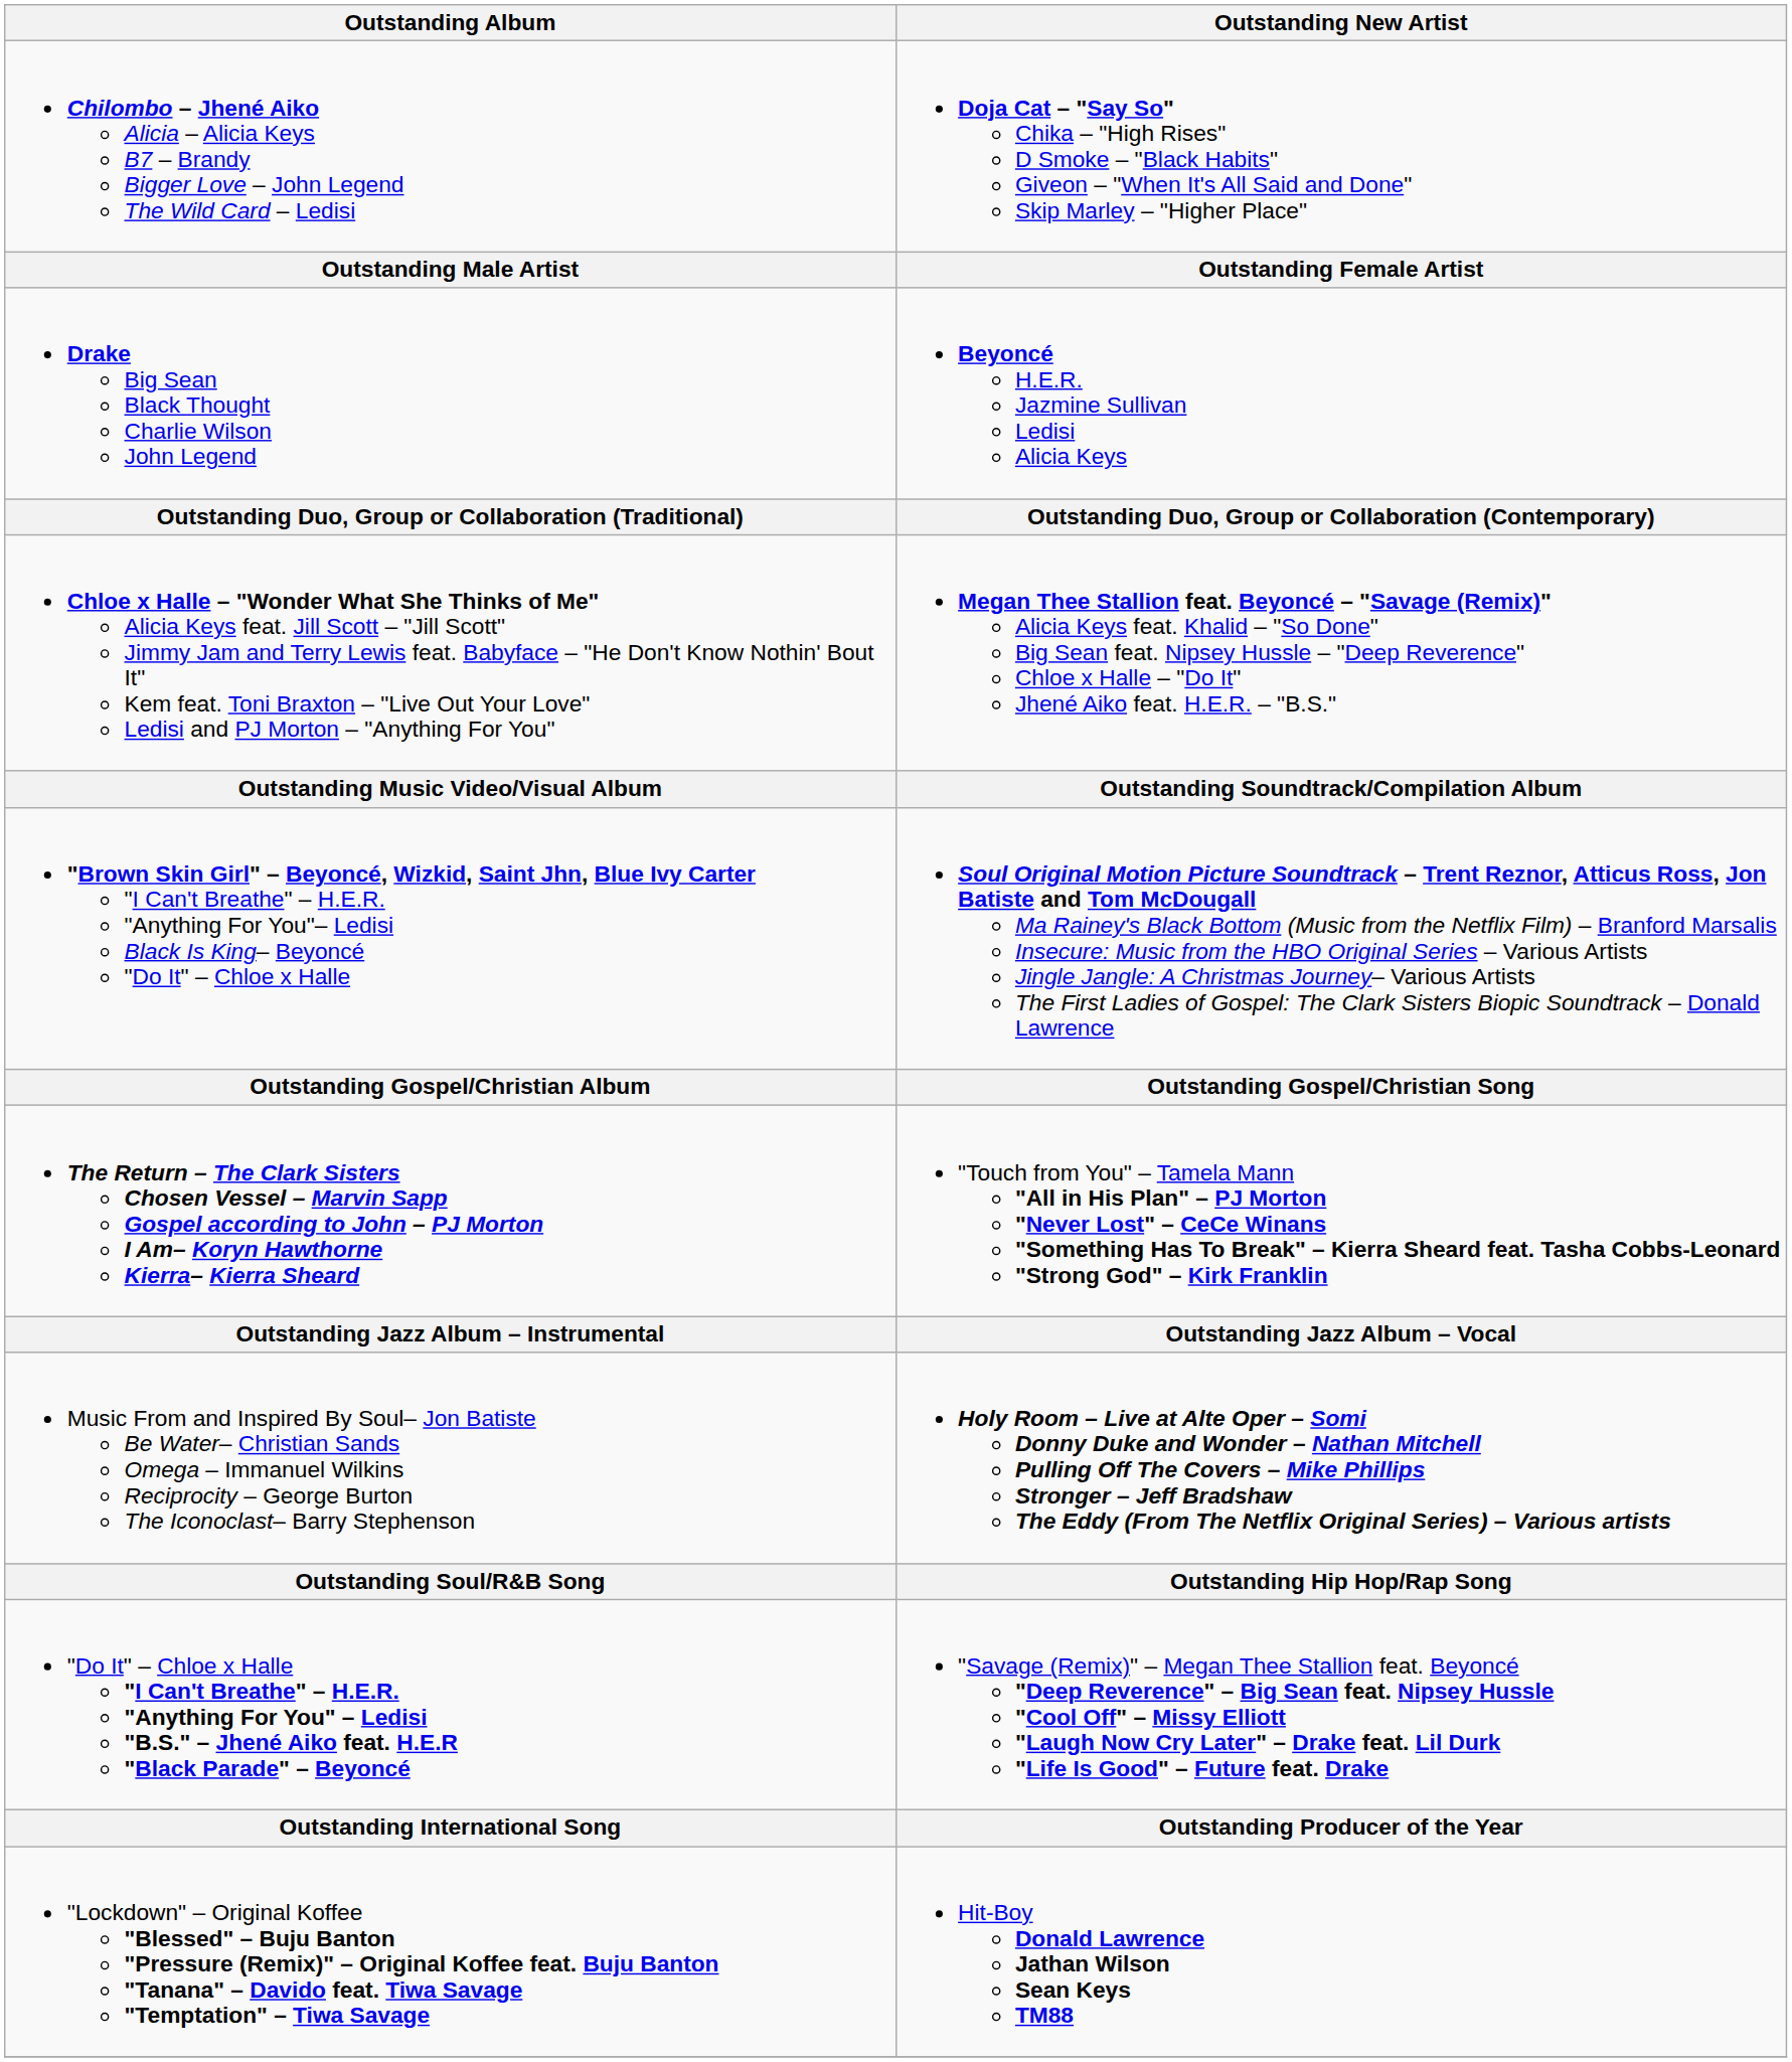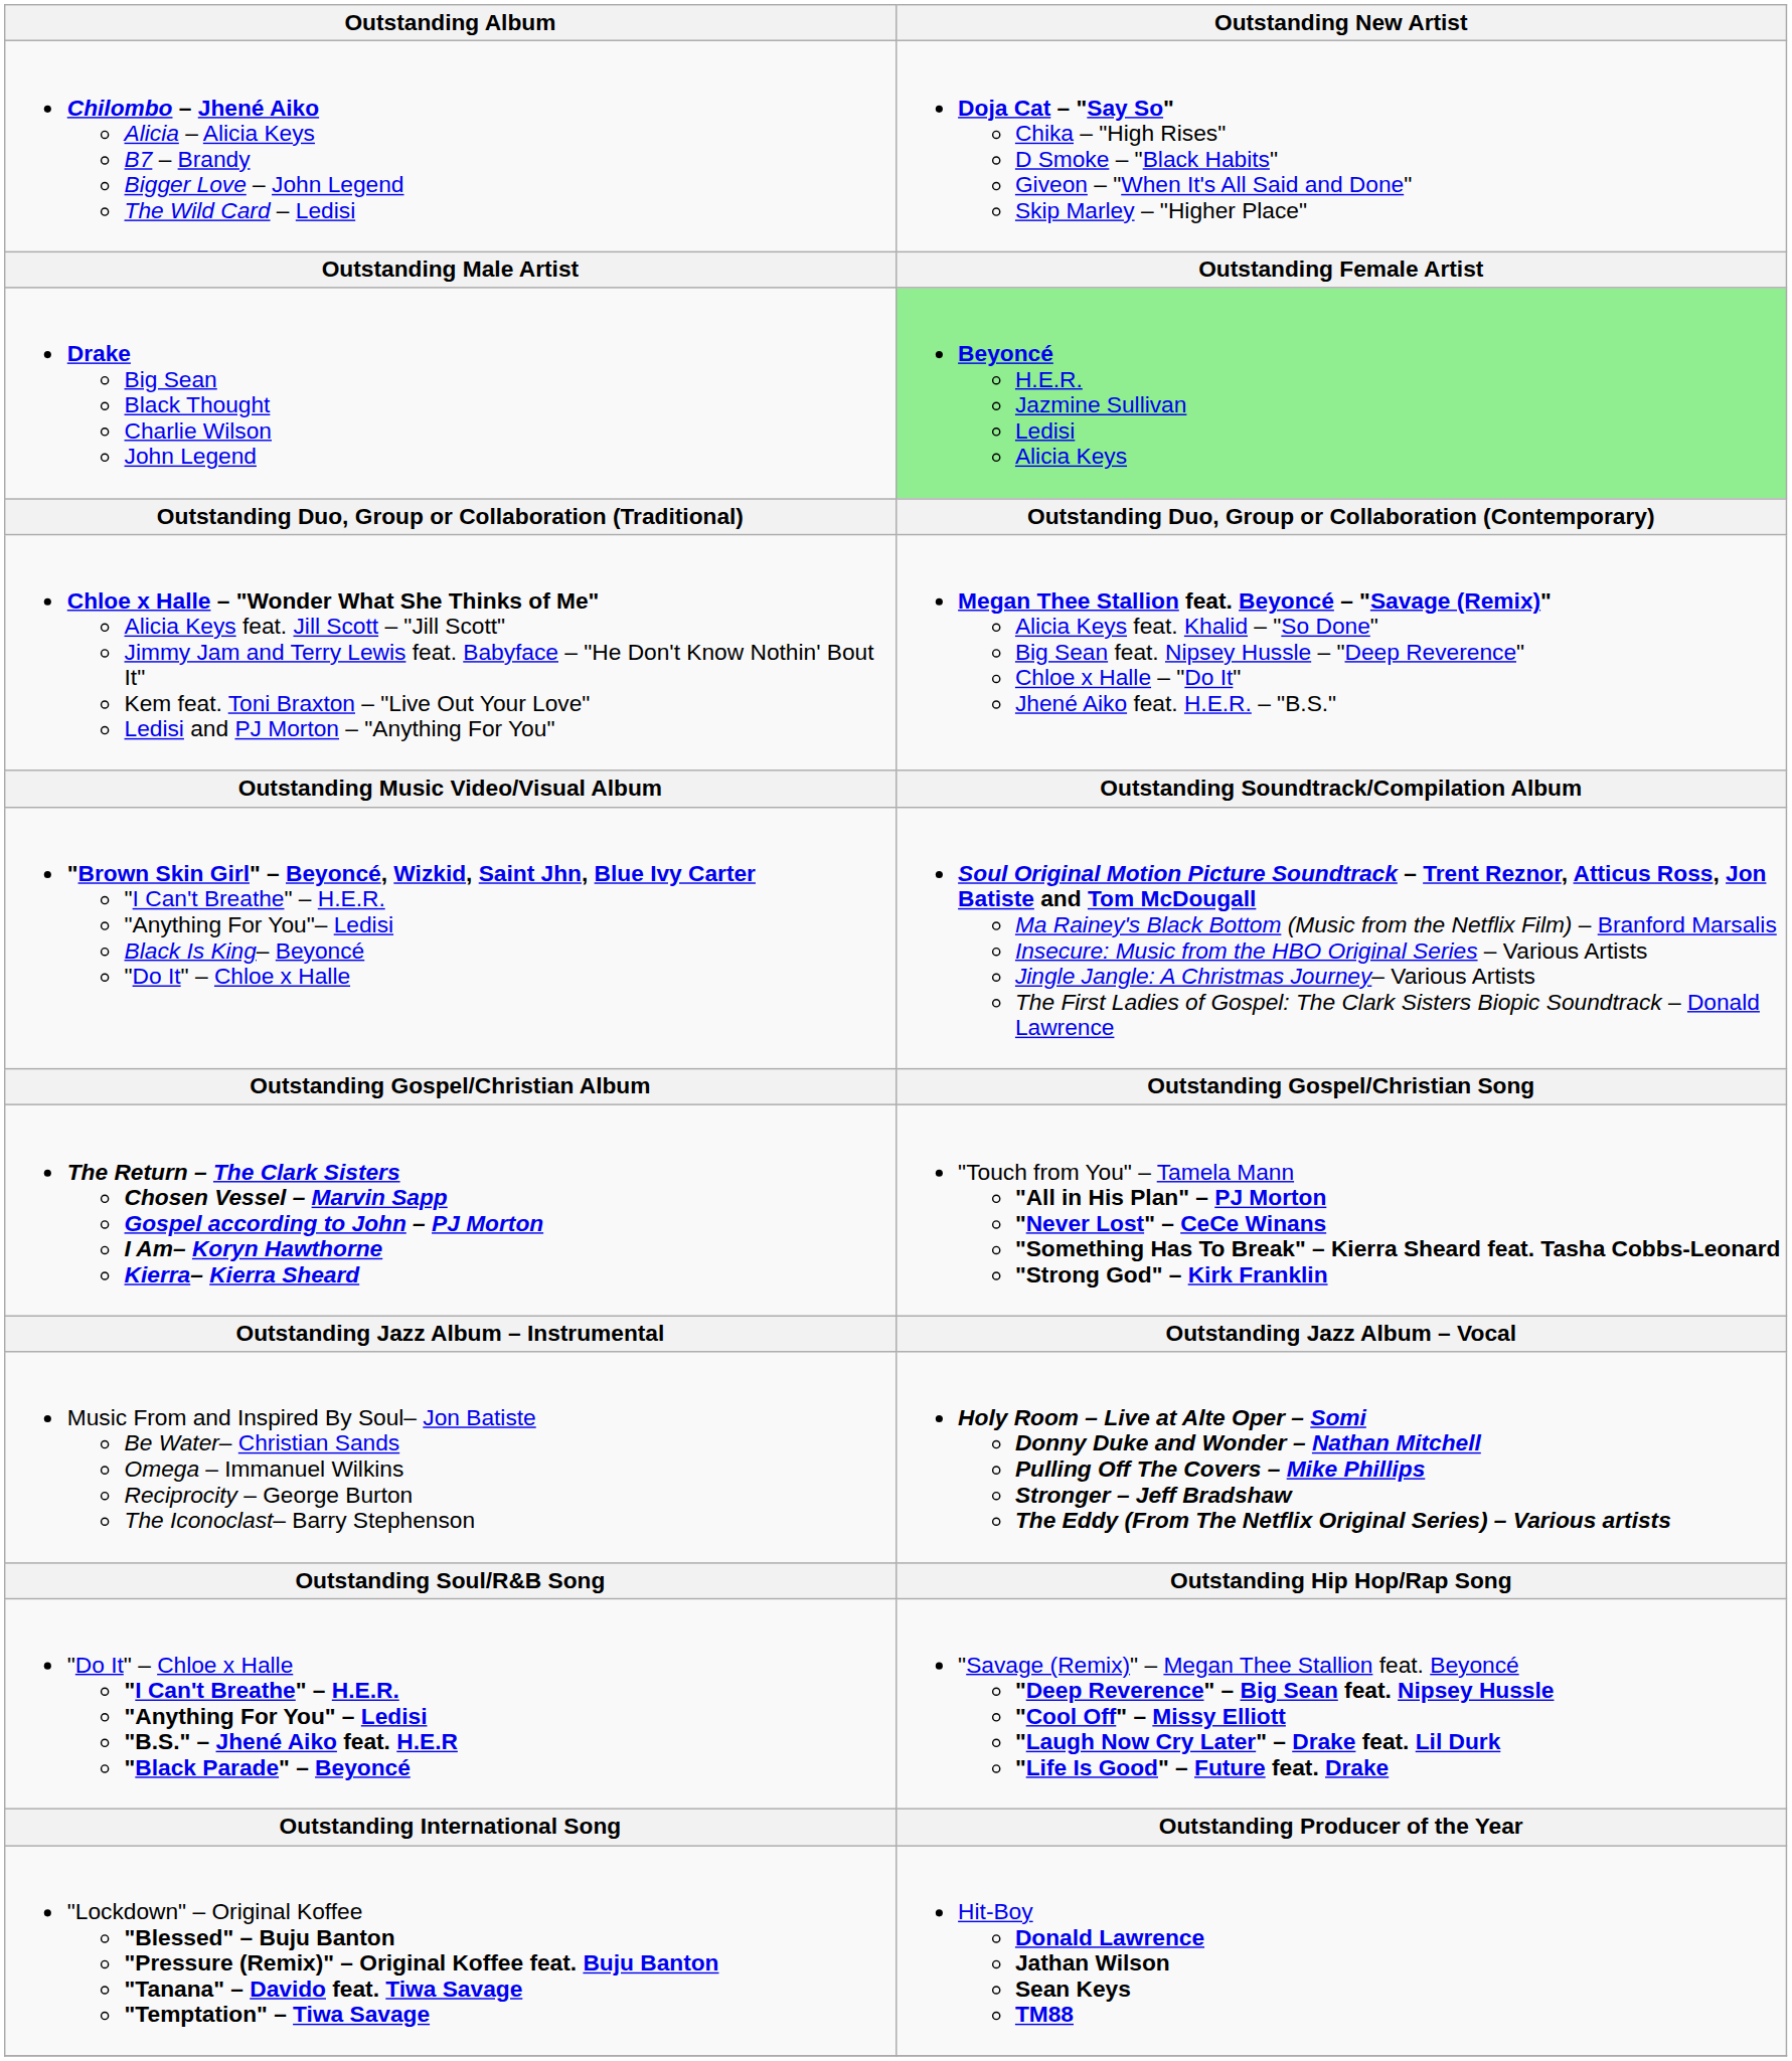 <table class="wikitable">
 <tr>
 <th style="width=50%">Outstanding Album</th>
 <th style="width=50%">Outstanding New Artist</th>
 </tr>
 <tr>
 <td width="50%" style="vertical-align:top"><br><ul><li><strong><a href='#'><em>Chilombo</em></a> – <a href='#'>Jhené Aiko</a></strong><ul><li><a href='#'><em>Alicia</em></a> – <a href='#'>Alicia Keys</a></li><li><a href='#'><em>B7</em></a> – <a href='#'>Brandy</a></li><li><em><a href='#'>Bigger Love</a></em> – <a href='#'>John Legend</a></li><li><em><a href='#'>The Wild Card</a></em> – <a href='#'>Ledisi</a></li></ul></li></ul></td>
 <td width="50%" style="vertical-align:top"><br><ul><li><strong><a href='#'>Doja Cat</a> – "<a href='#'>Say So</a>"</strong><ul><li><a href='#'>Chika</a> – "High Rises"</li><li><a href='#'>D Smoke</a> – "<a href='#'>Black Habits</a>"</li><li><a href='#'>Giveon</a> – "<a href='#'>When It's All Said and Done</a>"</li><li><a href='#'>Skip Marley</a> – "Higher Place"</li></ul></li></ul></td>
 </tr>
 <tr>
 <th style="width=50%">Outstanding Male Artist</th>
 <th style="width=50%">Outstanding Female Artist</th>
 </tr>
 <tr>
 <td width="50%" style="vertical-align:top"><br><ul><li><strong><a href='#'>Drake</a></strong><ul><li><a href='#'>Big Sean</a></li><li><a href='#'>Black Thought</a></li><li><a href='#'>Charlie Wilson</a></li><li><a href='#'>John Legend</a></li></ul></li></ul></td>
-<td width="50%" style="vertical-align:top"><br><ul><li><strong><a href='#'>Beyoncé</a></strong><ul><li><a href='#'>H.E.R.</a></li><li><a href='#'>Jazmine Sullivan</a></li><li><a href='#'>Ledisi</a></li><li><a href='#'>Alicia Keys</a></li></ul></li></ul></td>
+<td width="50%" style="background: lightgreen; vertical-align:top"><br><ul><li><strong><a href='#'>Beyoncé</a></strong><ul><li><a href='#'>H.E.R.</a></li><li><a href='#'>Jazmine Sullivan</a></li><li><a href='#'>Ledisi</a></li><li><a href='#'>Alicia Keys</a></li></ul></li></ul></td>
 </tr>
 <tr>
 <th style="width=50%">Outstanding Duo, Group or Collaboration (Traditional)</th>
 <th style="width=50%">Outstanding Duo, Group or Collaboration (Contemporary)</th>
 </tr>
 <tr>
 <td width="50%" style="vertical-align:top"><br><ul><li><strong><a href='#'>Chloe x Halle</a> – "Wonder What She Thinks of Me"</strong><ul><li><a href='#'>Alicia Keys</a> feat. <a href='#'>Jill Scott</a> – "Jill Scott"</li><li><a href='#'>Jimmy Jam and Terry Lewis</a> feat. <a href='#'>Babyface</a> – "He Don't Know Nothin' Bout It"</li><li>Kem feat. <a href='#'>Toni Braxton</a> – "Live Out Your Love"</li><li><a href='#'>Ledisi</a> and <a href='#'>PJ Morton</a> – "Anything For You"</li></ul></li></ul></td>
 <td width="50%" style="vertical-align:top"><br><ul><li><strong><a href='#'>Megan Thee Stallion</a> feat. <a href='#'>Beyoncé</a> – "<a href='#'>Savage (Remix)</a>"</strong><ul><li><a href='#'>Alicia Keys</a> feat. <a href='#'>Khalid</a> – "<a href='#'>So Done</a>"</li><li><a href='#'>Big Sean</a> feat. <a href='#'>Nipsey Hussle</a> – "<a href='#'>Deep Reverence</a>"</li><li><a href='#'>Chloe x Halle</a> – "<a href='#'>Do It</a>"</li><li><a href='#'>Jhené Aiko</a> feat. <a href='#'>H.E.R.</a> – "B.S."</li></ul></li></ul></td>
 </tr>
 <tr>
 <th style="width=50%">Outstanding Music Video/Visual Album</th>
 <th style="width=50%">Outstanding Soundtrack/Compilation Album</th>
 </tr>
 <tr>
 <td width="50%" style="vertical-align:top"><br><ul><li><strong>"<a href='#'>Brown Skin Girl</a>" – <a href='#'>Beyoncé</a>, <a href='#'>Wizkid</a>, <a href='#'>Saint Jhn</a>, <a href='#'>Blue Ivy Carter</a></strong><ul><li>"<a href='#'>I Can't Breathe</a>" – <a href='#'>H.E.R.</a></li><li>"Anything For You"– <a href='#'>Ledisi</a></li><li><em><a href='#'>Black Is King</a></em>– <a href='#'>Beyoncé</a></li><li>"<a href='#'>Do It</a>" – <a href='#'>Chloe x Halle</a></li></ul></li></ul></td>
 <td width="50%" style="vertical-align:top"><br><ul><li><strong><a href='#'><em>Soul Original Motion Picture Soundtrack</em></a> – <a href='#'>Trent Reznor</a>, <a href='#'>Atticus Ross</a>, <a href='#'>Jon Batiste</a> and <a href='#'>Tom McDougall</a></strong><ul><li><em><a href='#'>Ma Rainey's Black Bottom</a> (Music from the Netflix Film)</em> – <a href='#'>Branford Marsalis</a></li><li><em><a href='#'>Insecure: Music from the HBO Original Series</a></em> – Various Artists</li><li><em><a href='#'>Jingle Jangle: A Christmas Journey</a></em>– Various Artists</li><li><em>The First Ladies of Gospel: The Clark Sisters Biopic Soundtrack</em> – <a href='#'>Donald Lawrence</a></li></ul></li></ul></td>
 </tr>
 <tr>
 <th style="width=50%">Outstanding Gospel/Christian Album</th>
 <th style="width=50%">Outstanding Gospel/Christian Song</th>
 </tr>
 <tr>
 <td width="50%" style="vertical-align:top"><br><ul><li><strong><em>The Return<em> – <a href='#'>The Clark Sisters</a><strong><ul><li></em>Chosen Vessel<em> – <a href='#'>Marvin Sapp</a></li><li></em><a href='#'>Gospel according to John</a><em> – <a href='#'>PJ Morton</a></li><li></em>I Am<em>– <a href='#'>Koryn Hawthorne</a></li><li><a href='#'></em>Kierra<em></a>– <a href='#'>Kierra Sheard</a></li></ul></li></ul></td>
 <td width="50%" style="vertical-align:top"><br><ul><li></strong>"Touch from You" – <a href='#'>Tamela Mann</a><strong><ul><li>"All in His Plan" – <a href='#'>PJ Morton</a></li><li>"<a href='#'>Never Lost</a>" – <a href='#'>CeCe Winans</a></li><li>"Something Has To Break" – Kierra Sheard feat. Tasha Cobbs-Leonard</li><li>"Strong God" – <a href='#'>Kirk Franklin</a></li></ul></li></ul></td>
 </tr>
 <tr>
 <th style="width=50%">Outstanding Jazz Album – Instrumental</th>
 <th style="width=50%">Outstanding Jazz Album – Vocal</th>
 </tr>
 <tr>
 <td width="50%" style="vertical-align:top"><br><ul><li></em></strong>Music From and Inspired By Soul</em>– <a href='#'>Jon Batiste</a></strong><ul><li><em>Be Water</em>– <a href='#'>Christian Sands</a></li><li><em>Omega</em> – Immanuel Wilkins</li><li><em>Reciprocity</em> – George Burton</li><li><em>The Iconoclast</em>– Barry Stephenson</li></ul></li></ul></td>
 <td width="50%" style="vertical-align:top"><br><ul><li><strong><em>Holy Room<em> – </em>Live at Alte Oper<em> – <a href='#'>Somi</a><strong><ul><li></em>Donny Duke and Wonder<em> – <a href='#'>Nathan Mitchell</a></li><li></em>Pulling Off The Covers<em> – <a href='#'>Mike Phillips</a></li><li></em>Stronger<em> – Jeff Bradshaw</li><li></em>The Eddy<em> (From The Netflix Original Series) – Various artists</li></ul></li></ul></td>
 </tr>
 <tr>
 <th style="width=50%">Outstanding Soul/R&B Song</th>
 <th style="width=50%">Outstanding Hip Hop/Rap Song</th>
 </tr>
 <tr>
 <td width="50%" style="vertical-align:top"><br><ul><li></strong>"<a href='#'>Do It</a>" – <a href='#'>Chloe x Halle</a><strong><ul><li>"<a href='#'>I Can't Breathe</a>" – <a href='#'>H.E.R.</a></li><li>"Anything For You" – <a href='#'>Ledisi</a></li><li>"B.S." – <a href='#'>Jhené Aiko</a>  feat. <a href='#'>H.E.R</a></li><li>"<a href='#'>Black Parade</a>" – <a href='#'>Beyoncé</a></li></ul></li></ul></td>
 <td width="50%" style="vertical-align:top"><br><ul><li></strong>"<a href='#'>Savage (Remix)</a>" – <a href='#'>Megan Thee Stallion</a> feat. <a href='#'>Beyoncé</a><strong><ul><li>"<a href='#'>Deep Reverence</a>" – <a href='#'>Big Sean</a> feat. <a href='#'>Nipsey Hussle</a></li><li>"<a href='#'>Cool Off</a>" – <a href='#'>Missy Elliott</a></li><li>"<a href='#'>Laugh Now Cry Later</a>" – <a href='#'>Drake</a> feat. <a href='#'>Lil Durk</a></li><li>"<a href='#'>Life Is Good</a>" – <a href='#'>Future</a> feat. <a href='#'>Drake</a></li></ul></li></ul></td>
 </tr>
 <tr>
 <th style="width=50%">Outstanding International Song</th>
 <th style="width=50%">Outstanding Producer of the Year</th>
 </tr>
 <tr>
 <td width="50%" style="vertical-align:top"><br><ul><li></strong>"Lockdown" – Original Koffee<strong><ul><li>"Blessed" – Buju Banton</li><li>"Pressure (Remix)" – Original Koffee feat. <a href='#'>Buju Banton</a></li><li>"Tanana" – <a href='#'>Davido</a> feat. <a href='#'>Tiwa Savage</a></li><li>"Temptation" – <a href='#'>Tiwa Savage</a></li></ul></li></ul></td>
 <td width="50%" style="vertical-align:top"><br><ul><li></strong><a href='#'>Hit-Boy</a><strong><ul><li><a href='#'>Donald Lawrence</a></li><li>Jathan Wilson</li><li>Sean Keys</li><li><a href='#'>TM88</a></li></ul></li></ul></td>
 </tr>
 <tr>
 </tr>
 </table>
